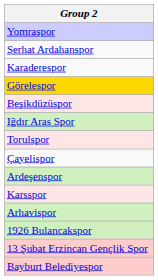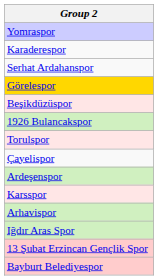 <table class="wikitable collapsible collapsed" style="font-size:95%;">
 <tr>
 <th colspan="1" width="200"><em>Group 2</em></th>
 </tr>
 <tr>
 <td style="background:#ccccff;"><a href='#'>Yomraspor</a></td>
 </tr>
 <tr>
-<td><a href='#'>Serhat Ardahanspor</a></td>
+<td><a href='#'>Karaderespor</a></td>
 </tr>
 <tr>
-<td><a href='#'>Karaderespor</a></td>
+<td><a href='#'>Serhat Ardahanspor</a></td>
 </tr>
 <tr>
 <td style="background: gold;"><a href='#'>Görelespor</a></td>
 </tr>
 <tr>
 <td style="background:#FFE6E6;"><a href='#'>Beşikdüzüspor</a></td>
 </tr>
 <tr>
-<td style="background:#D0F0C0;"><a href='#'>Iğdır Aras Spor</a></td>
+<td style="background:#D0F0C0;"><a href='#'>1926 Bulancakspor</a></td>
 </tr>
 <tr>
 <td style="background:#FFE6E6;"><a href='#'>Torulspor</a></td>
 </tr>
 <tr>
 <td><a href='#'>Çayelispor</a></td>
 </tr>
 <tr>
 <td style="background:#D0F0C0;"><a href='#'>Ardeşenspor</a></td>
 </tr>
 <tr>
 <td style="background:#FFE6E6;"><a href='#'>Karsspor</a></td>
 </tr>
 <tr>
 <td style="background:#D0F0C0;"><a href='#'>Arhavispor</a></td>
 </tr>
 <tr>
-<td style="background:#D0F0C0;"><a href='#'>1926 Bulancakspor</a></td>
+<td style="background:#D0F0C0;"><a href='#'>Iğdır Aras Spor</a></td>
 </tr>
 <tr>
 <td style="background:#fcc;"><a href='#'>13 Şubat Erzincan Gençlik Spor</a></td>
 </tr>
 <tr>
 <td style="background:#fcc;"><a href='#'>Bayburt Belediyespor</a></td>
 </tr>
 </table>
